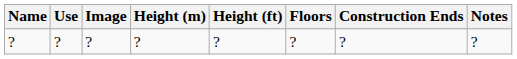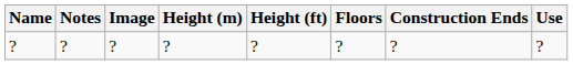 <table class="wikitable">
 <tr>
 <th>Name</th>
-<th>Use</th>
+<th>Notes</th>
 <th>Image</th>
 <th>Height (m)</th>
 <th>Height (ft)</th>
 <th>Floors</th>
 <th>Construction Ends</th>
-<th>Notes</th>
+<th>Use</th>
 </tr>
 <tr>
 <td>?</td>
 <td>?</td>
 <td>?</td>
 <td>?</td>
 <td>?</td>
 <td>?</td>
 <td>?</td>
 <td>?</td>
 </tr>
 </table>
